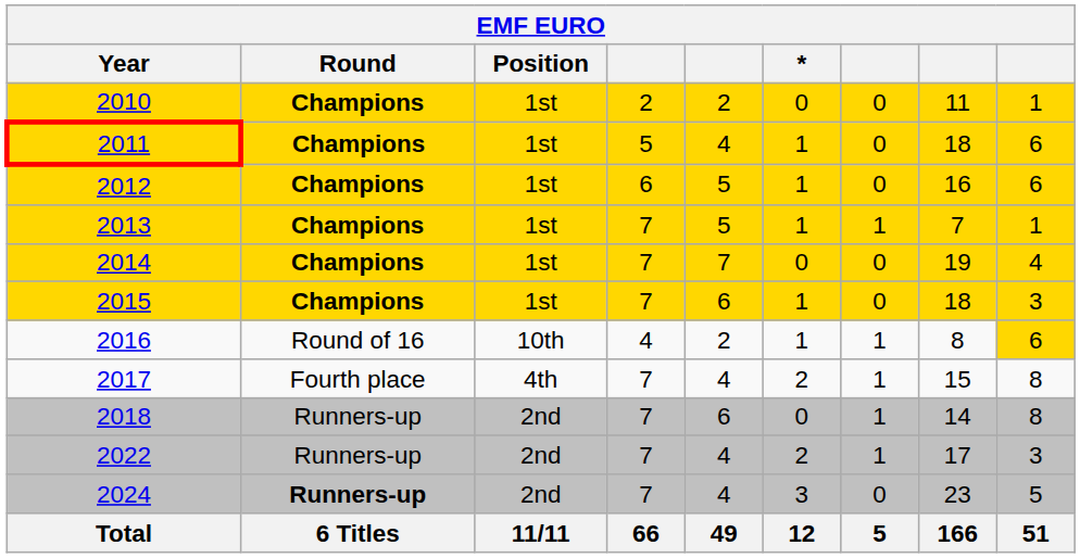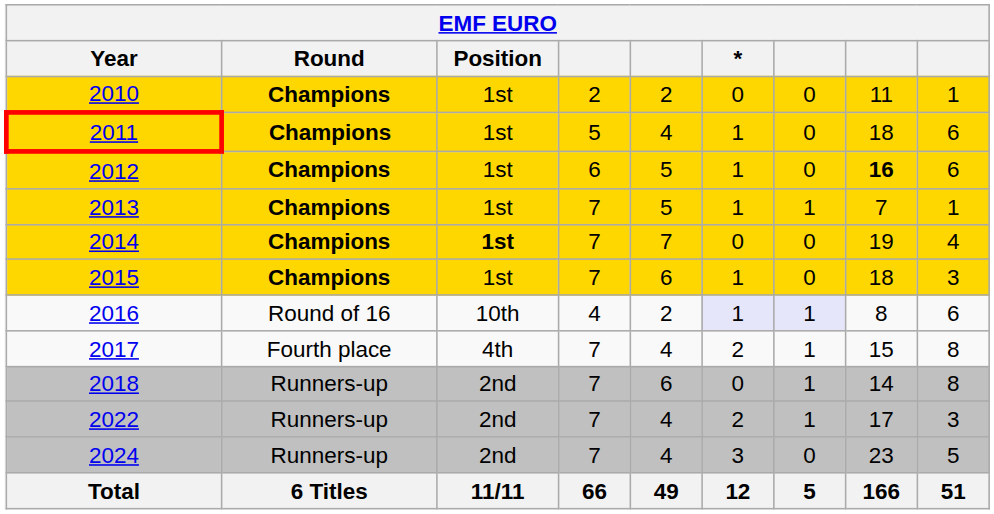 <table class="wikitable" width="50%" style="font-size:90%; text-align:center;">
 <tr>
 <th colspan="9"><a href='#'>EMF EURO</a></th>
 </tr>
 <tr>
 <th width="15%">Year</th>
 <th width="15%">Round</th>
 <th width="5%">Position</th>
 <th width="5%"></th>
 <th width="5%"></th>
 <th width="5%">*</th>
 <th width="5%"></th>
 <th width="5%"></th>
 <th width="5%"></th>
 </tr>
 <tr style="background:gold;">
 <td> <a href='#'>2010</a></td>
 <td><strong>Champions</strong></td>
 <td>1st</td>
 <td>2</td>
 <td>2</td>
 <td>0</td>
 <td>0</td>
 <td>11</td>
 <td>1</td>
 </tr>
 <tr style="background:gold;">
 <td style="text-align: center;border: 3px solid red"> <a href='#'>2011</a></td>
 <td><strong>Champions</strong></td>
 <td>1st</td>
 <td>5</td>
 <td>4</td>
 <td>1</td>
 <td>0</td>
 <td>18</td>
 <td>6</td>
 </tr>
 <tr style="background:gold;">
 <td> <a href='#'>2012</a></td>
 <td><strong>Champions</strong></td>
 <td>1st</td>
 <td>6</td>
 <td>5</td>
 <td>1</td>
 <td>0</td>
-<td>16</td>
+<td><strong>16</strong></td>
 <td>6</td>
 </tr>
 <tr style="background:gold;">
 <td> <a href='#'>2013</a></td>
 <td><strong>Champions</strong></td>
 <td>1st</td>
 <td>7</td>
 <td>5</td>
 <td>1</td>
 <td>1</td>
 <td>7</td>
 <td>1</td>
 </tr>
 <tr style="background:gold;">
 <td> <a href='#'>2014</a></td>
 <td><strong>Champions</strong></td>
-<td>1st</td>
+<td><strong>1st</strong></td>
 <td>7</td>
 <td>7</td>
 <td>0</td>
 <td>0</td>
 <td>19</td>
 <td>4</td>
 </tr>
 <tr style="background:gold;">
 <td> <a href='#'>2015</a></td>
 <td><strong>Champions</strong></td>
 <td>1st</td>
 <td>7</td>
 <td>6</td>
 <td>1</td>
 <td>0</td>
 <td>18</td>
 <td>3</td>
 </tr>
 <tr>
 <td> <a href='#'>2016</a></td>
 <td>Round of 16</td>
 <td>10th</td>
 <td>4</td>
 <td>2</td>
-<td>1</td>
-<td>1</td>
+<td style="background: lavender;">1</td>
+<td style="background: lavender;">1</td>
 <td>8</td>
-<td style="background: gold;">6</td>
+<td>6</td>
 </tr>
 <tr -bgcolor=9acdff>
 <td> <a href='#'>2017</a></td>
 <td>Fourth place</td>
 <td>4th</td>
 <td>7</td>
 <td>4</td>
 <td>2</td>
 <td>1</td>
 <td>15</td>
 <td>8</td>
 </tr>
 <tr style="background:silver;">
 <td> <a href='#'>2018</a></td>
 <td>Runners-up</td>
 <td>2nd</td>
 <td>7</td>
 <td>6</td>
 <td>0</td>
 <td>1</td>
 <td>14</td>
 <td>8</td>
 </tr>
 <tr style="background:silver;">
 <td> <a href='#'>2022</a></td>
 <td>Runners-up</td>
 <td>2nd</td>
 <td>7</td>
 <td>4</td>
 <td>2</td>
 <td>1</td>
 <td>17</td>
 <td>3</td>
 </tr>
 <tr style="background:silver;">
 <td> <a href='#'>2024</a></td>
-<td><strong>Runners-up</strong></td>
+<td>Runners-up</td>
 <td>2nd</td>
 <td>7</td>
 <td>4</td>
 <td>3</td>
 <td>0</td>
 <td>23</td>
 <td>5</td>
 </tr>
 <tr>
 <th>Total</th>
 <th>6 Titles</th>
 <th>11/11</th>
 <th>66</th>
 <th>49</th>
 <th>12</th>
 <th>5</th>
 <th>166</th>
 <th>51</th>
 </tr>
 </table>
